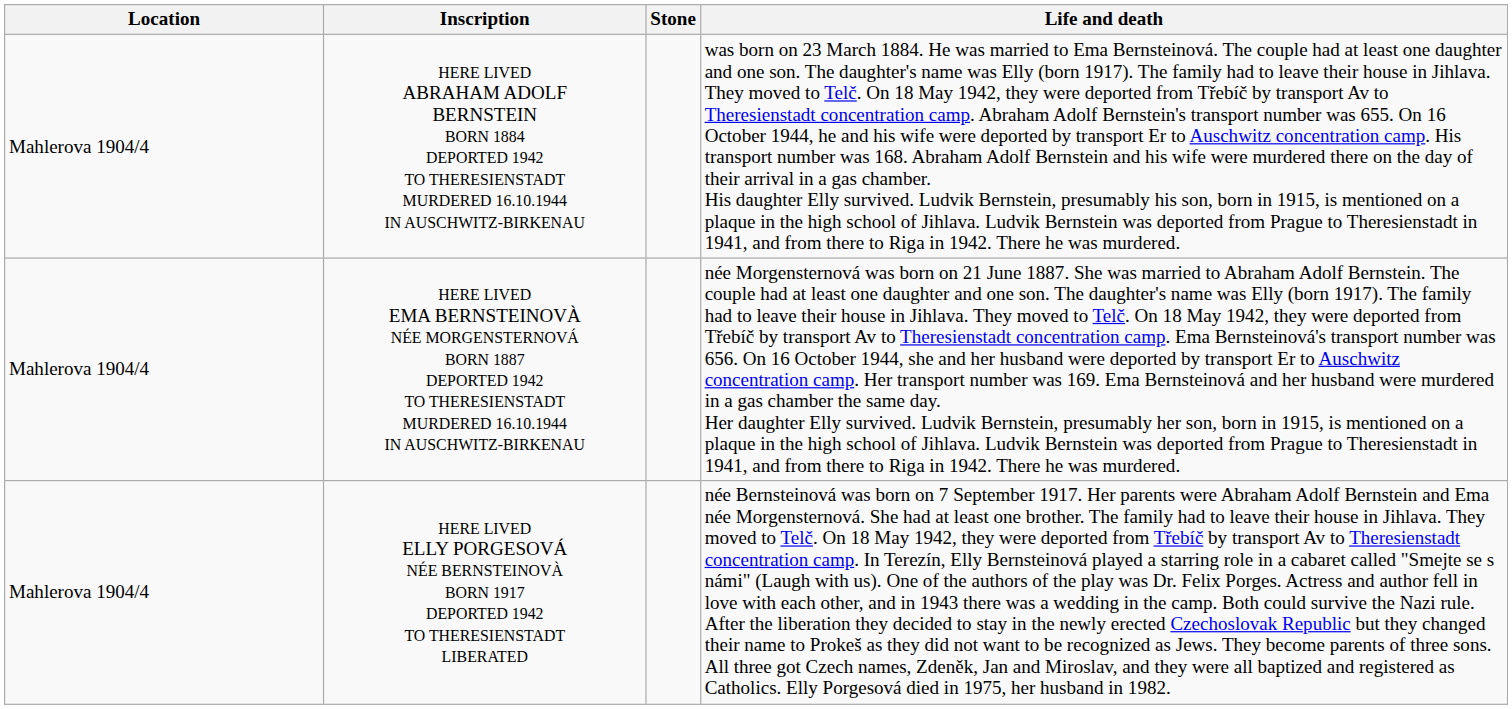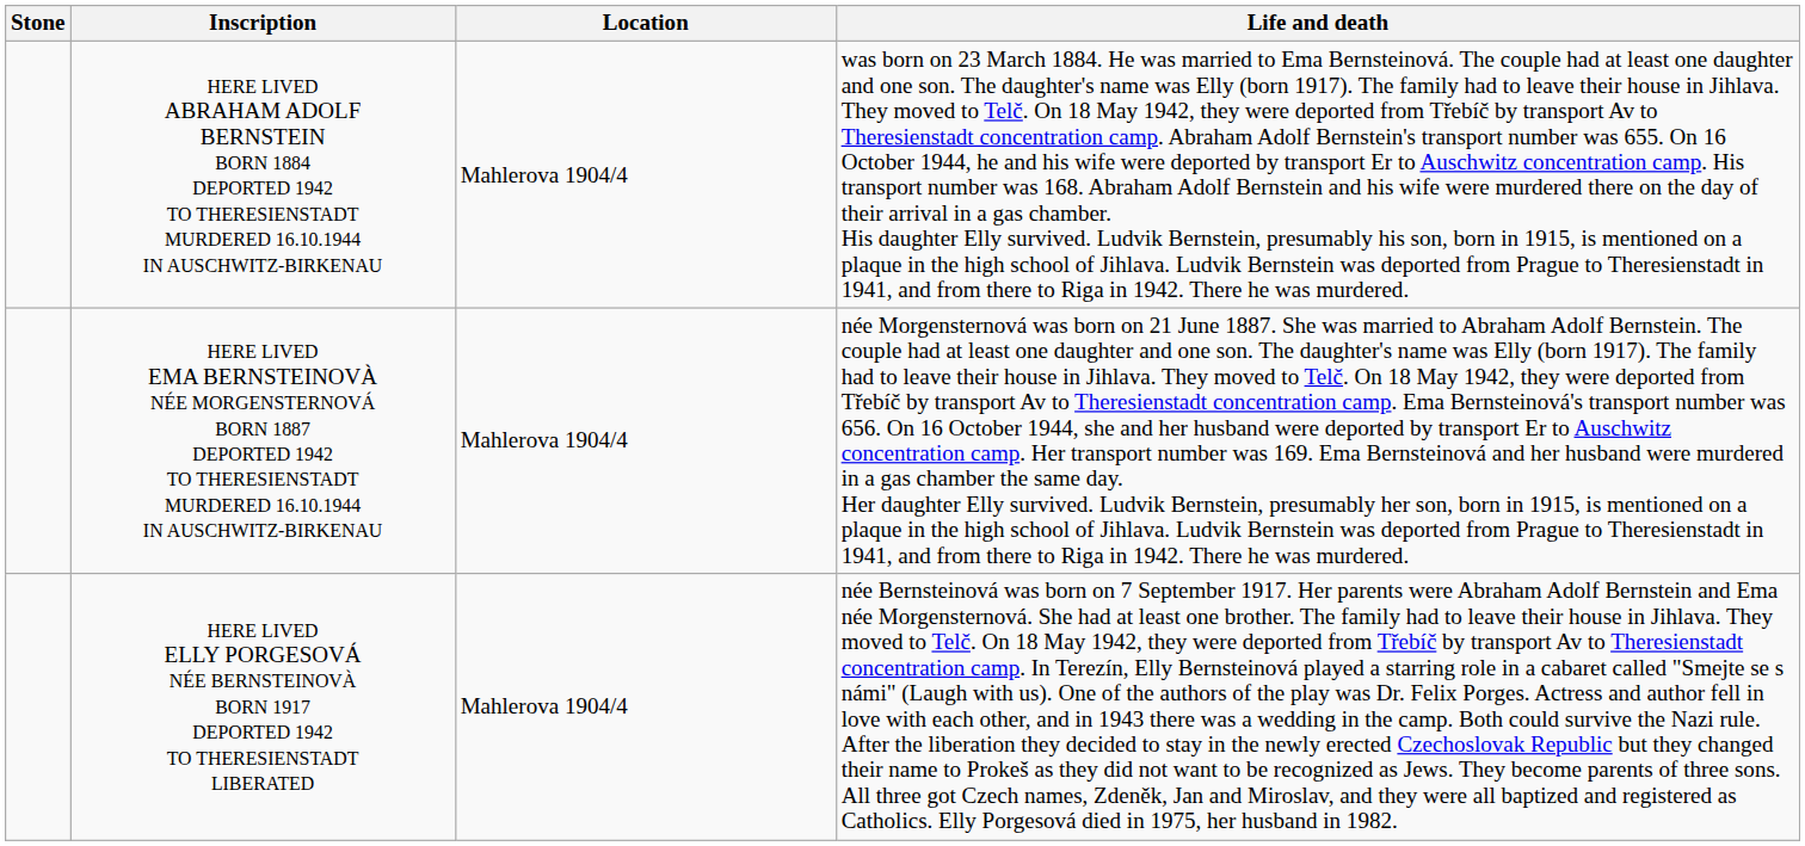 <table class="wikitable sortable toptextcells" style="width:100%">
 <tr>
+<th class="hintergrundfarbe6 unsortable" width="120px">Stone</th>
+<th class="hintergrundfarbe6 unsortable" style ="width:22%;">Inscription</th>
 <th class="hintergrundfarbe6" data-sort-type="text" style ="width:22%;">Location</th>
-<th class="hintergrundfarbe6 unsortable" style ="width:22%;">Inscription</th>
-<th class="hintergrundfarbe6 unsortable" width="120px">Stone</th>
 <th class="hintergrundfarbe6" style="width:100%;">Life and death</th>
 </tr>
 <tr>
+<td></td>
+<td style="text-align:center"><div><small>HERE LIVED</small><br>ABRAHAM ADOLF<br>BERNSTEIN<br><small>BORN 1884<br>DEPORTED 1942<br>TO THERESIENSTADT<br>MURDERED 16.10.1944<br>IN AUSCHWITZ-BIRKENAU</small></div></td>
 <td>Mahlerova 1904/4<br> </td>
-<td style="text-align:center"><div><small>HERE LIVED</small><br>ABRAHAM ADOLF<br>BERNSTEIN<br><small>BORN 1884<br>DEPORTED 1942<br>TO THERESIENSTADT<br>MURDERED 16.10.1944<br>IN AUSCHWITZ-BIRKENAU</small></div></td>
-<td></td>
 <td> was born on 23 March 1884. He was married to Ema Bernsteinová. The couple had at least one daughter and one son. The daughter's name was Elly (born 1917). The family had to leave their house in Jihlava. They moved to <a href='#'>Telč</a>. On 18 May 1942, they were deported from Třebíč by transport Av to <a href='#'>Theresienstadt concentration camp</a>. Abraham Adolf Bernstein's transport number was 655. On 16 October 1944, he and his wife were deported by transport Er to <a href='#'>Auschwitz concentration camp</a>. His transport number was 168. Abraham Adolf Bernstein and his wife were murdered there on the day of their arrival in a gas chamber.<br>His daughter Elly survived. Ludvik Bernstein, presumably his son, born in 1915, is mentioned on a plaque in the high school of Jihlava. Ludvik Bernstein was deported from Prague to Theresienstadt in 1941, and from there to Riga in 1942. There he was murdered.</td>
 </tr>
 <tr>
+<td></td>
+<td style="text-align:center"><div><small>HERE LIVED</small><br>EMA BERNSTEINOVÀ<br><small>NÉE MORGENSTERNOVÁ<br>BORN 1887<br>DEPORTED 1942<br>TO THERESIENSTADT<br>MURDERED  16.10.1944<br>IN AUSCHWITZ-BIRKENAU</small></div></td>
 <td>Mahlerova 1904/4<br> </td>
-<td style="text-align:center"><div><small>HERE LIVED</small><br>EMA BERNSTEINOVÀ<br><small>NÉE MORGENSTERNOVÁ<br>BORN 1887<br>DEPORTED 1942<br>TO THERESIENSTADT<br>MURDERED  16.10.1944<br>IN AUSCHWITZ-BIRKENAU</small></div></td>
-<td></td>
 <td> née Morgensternová was born on 21 June 1887. She was married to Abraham Adolf Bernstein. The couple had at least one daughter and one son. The daughter's name was Elly (born 1917). The family had to leave their house in Jihlava. They moved to <a href='#'>Telč</a>. On 18 May 1942, they were deported from Třebíč by transport Av to <a href='#'>Theresienstadt concentration camp</a>. Ema Bernsteinová's transport number was 656. On 16 October 1944, she and her husband were deported by transport Er to <a href='#'>Auschwitz concentration camp</a>. Her transport number was 169. Ema Bernsteinová and her husband were murdered in a gas chamber the same day.<br>Her daughter Elly survived. Ludvik Bernstein, presumably her son, born in 1915, is mentioned on a plaque in the high school of Jihlava. Ludvik Bernstein was deported from Prague to Theresienstadt in 1941, and from there to Riga in 1942. There he was murdered.</td>
 </tr>
 <tr>
+<td></td>
+<td style="text-align:center"><div><small>HERE LIVED</small><br>ELLY PORGESOVÁ<br><small>NÉE BERNSTEINOVÀ<br>BORN 1917<br>DEPORTED 1942<br>TO THERESIENSTADT<br>LIBERATED</small></div></td>
 <td>Mahlerova 1904/4<br> </td>
-<td style="text-align:center"><div><small>HERE LIVED</small><br>ELLY PORGESOVÁ<br><small>NÉE BERNSTEINOVÀ<br>BORN 1917<br>DEPORTED 1942<br>TO THERESIENSTADT<br>LIBERATED</small></div></td>
-<td></td>
 <td> née Bernsteinová was born on 7 September 1917. Her parents were Abraham Adolf Bernstein and Ema née Morgensternová. She had at least one brother. The family had to leave their house in Jihlava. They moved to <a href='#'>Telč</a>. On 18 May 1942, they were deported from <a href='#'>Třebíč</a> by transport Av to <a href='#'>Theresienstadt concentration camp</a>. In Terezín, Elly Bernsteinová played a starring role in a cabaret called "Smejte se s námi" (Laugh with us). One of the authors of the play was Dr. Felix Porges. Actress and author fell in love with each other, and in 1943 there was a wedding in the camp. Both could survive the Nazi rule. After the liberation they decided to stay in the newly erected <a href='#'>Czechoslovak Republic</a> but they changed their name to Prokeš as they did not want to be recognized as Jews. They become parents of three sons. All three got Czech names, Zdeněk, Jan and Miroslav, and they were all baptized and registered as Catholics. Elly Porgesová died in 1975, her husband in 1982.</td>
 </tr>
 </table>
